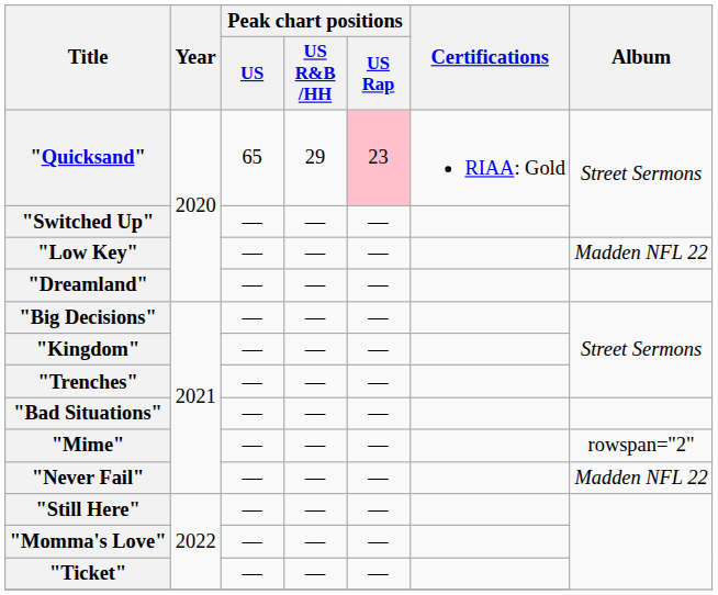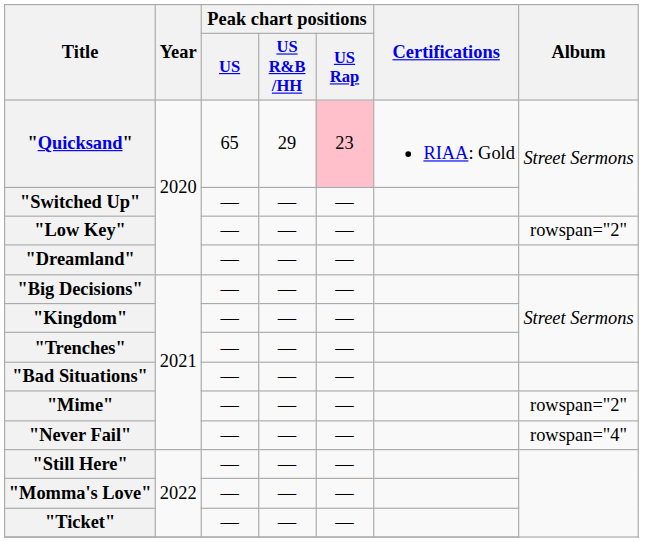 <table class="wikitable plainrowheaders" style="text-align:center;">
 <tr>
 <th scope="col" rowspan="2">Title</th>
 <th scope="col" rowspan="2">Year</th>
 <th scope="col" colspan="3">Peak chart positions</th>
 <th rowspan="2"><a href='#'>Certifications</a></th>
 <th scope="col" rowspan="2">Album</th>
 </tr>
 <tr>
 <th scope="col" style="width:3em;font-size:90%;"><a href='#'>US</a><br></th>
 <th scope="col" style="width:3em;font-size:90%;"><a href='#'>US<br>R&B<br>/HH</a><br></th>
 <th scope="col" style="width:3em;font-size:90%;"><a href='#'>US Rap</a><br></th>
 </tr>
 <tr>
 <th scope="row">"<a href='#'>Quicksand</a>"</th>
 <td rowspan="4">2020</td>
 <td>65</td>
 <td>29</td>
 <td style="background: pink;">23</td>
 <td><br><ul><li><a href='#'>RIAA</a>: Gold</li></ul></td>
 <td rowspan="2"><em>Street Sermons</em></td>
 </tr>
 <tr>
 <th scope="row">"Switched Up"</th>
 <td>—</td>
 <td>—</td>
 <td>—</td>
 <td></td>
 </tr>
 <tr>
 <th scope="row">"Low Key"</th>
 <td>—</td>
 <td>—</td>
 <td>—</td>
 <td></td>
-<td><em>Madden NFL 22</em></td>
+<td>rowspan="2" </td>
 </tr>
 <tr>
 <th scope="row">"Dreamland"</th>
 <td>—</td>
 <td>—</td>
 <td>—</td>
 <td></td>
 </tr>
 <tr>
 <th scope="row">"Big Decisions"</th>
 <td rowspan="6">2021</td>
 <td>—</td>
 <td>—</td>
 <td>—</td>
 <td></td>
 <td rowspan="3"><em>Street Sermons</em></td>
 </tr>
 <tr>
 <th scope="row">"Kingdom"</th>
 <td>—</td>
 <td>—</td>
 <td>—</td>
 <td></td>
 </tr>
 <tr>
 <th scope="row">"Trenches"<br></th>
 <td>—</td>
 <td>—</td>
 <td>—</td>
 <td></td>
 </tr>
 <tr>
 <th scope="row">"Bad Situations"</th>
 <td>—</td>
 <td>—</td>
 <td>—</td>
 <td></td>
 <td></td>
 </tr>
 <tr>
 <th scope="row">"Mime"</th>
 <td>—</td>
 <td>—</td>
 <td>—</td>
 <td></td>
 <td>rowspan="2" </td>
 </tr>
 <tr>
 <th scope="row">"Never Fail"<br></th>
 <td>—</td>
 <td>—</td>
 <td>—</td>
 <td></td>
-<td><em>Madden NFL 22</em></td>
+<td>rowspan="4" </td>
 </tr>
 <tr>
 <th scope="row">"Still Here"<br></th>
 <td rowspan="3">2022</td>
 <td>—</td>
 <td>—</td>
 <td>—</td>
 <td></td>
 </tr>
 <tr>
 <th scope="row">"Momma's Love"</th>
 <td>—</td>
 <td>—</td>
 <td>—</td>
 <td></td>
 </tr>
 <tr>
 <th scope="row">"Ticket"</th>
 <td>—</td>
 <td>—</td>
 <td>—</td>
 <td></td>
 </tr>
 <tr>
 </tr>
 </table>
